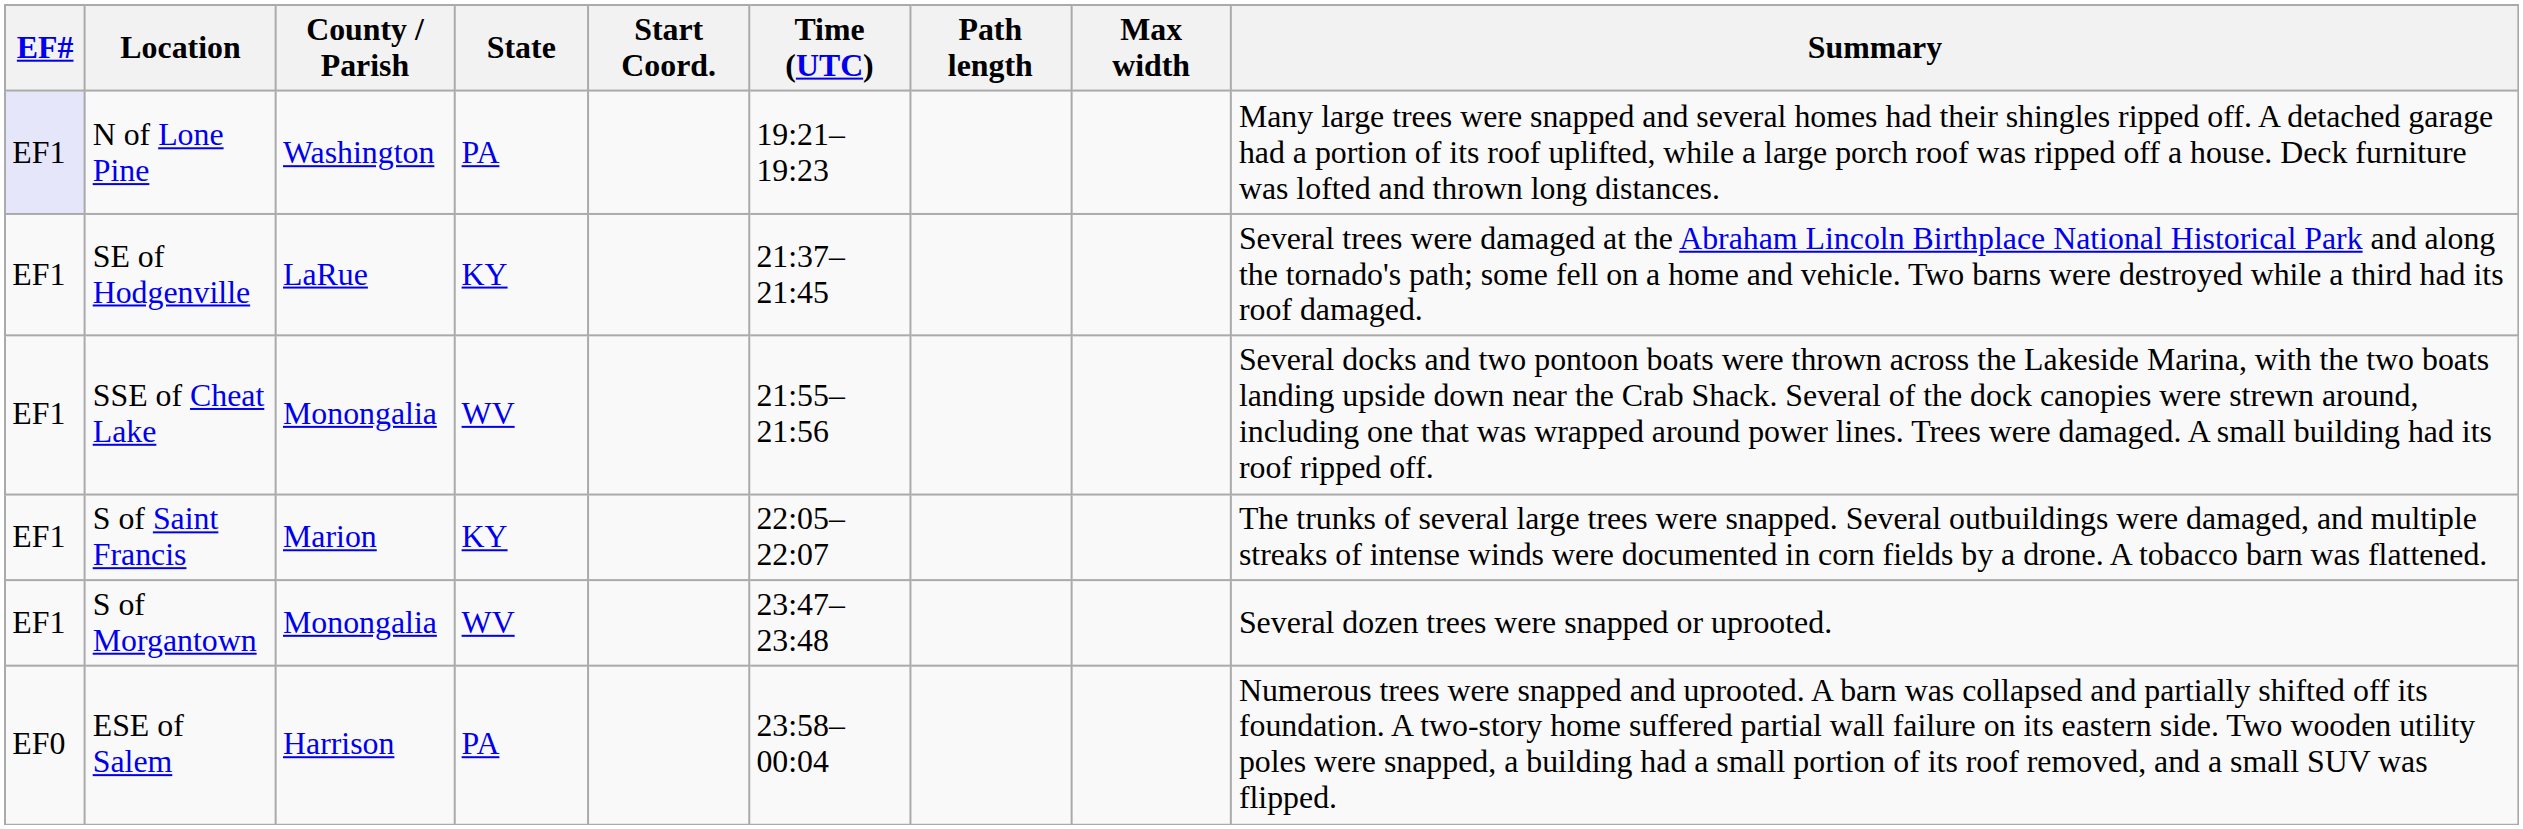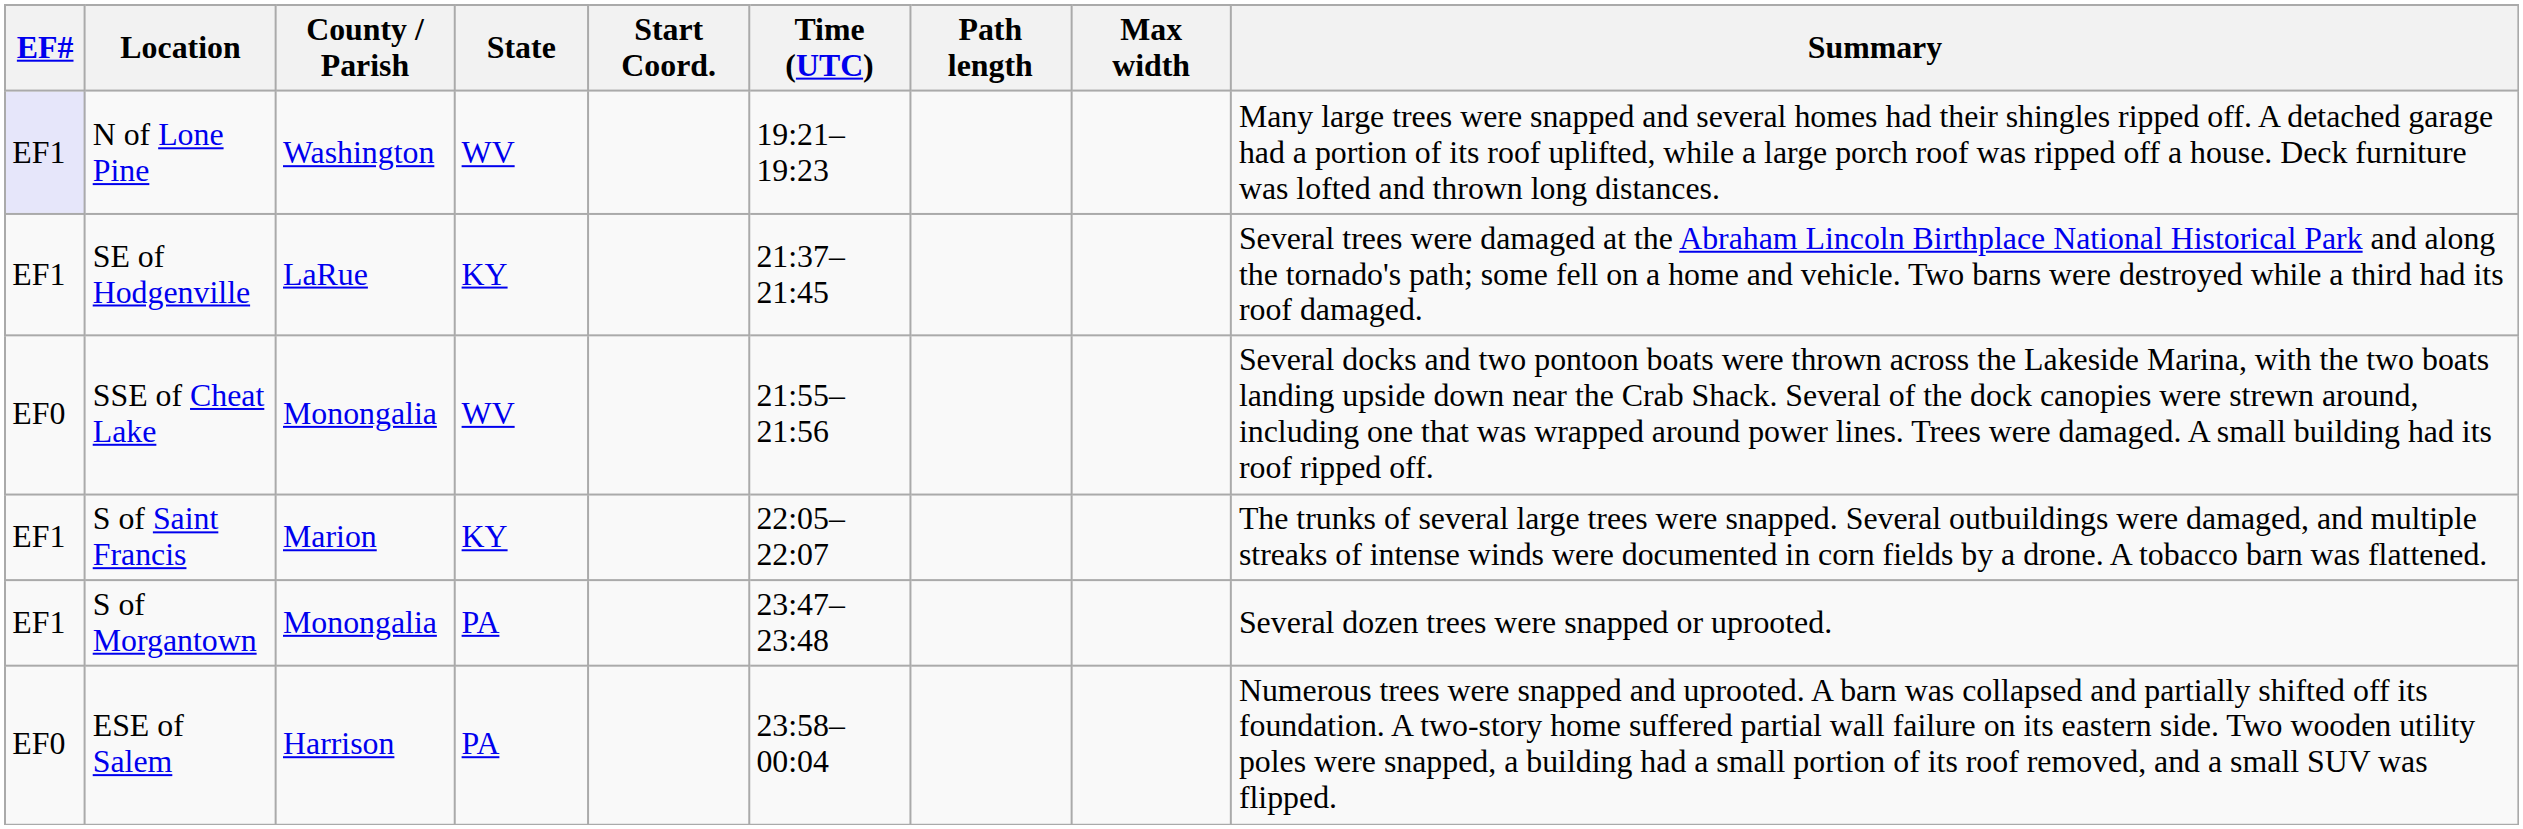 <table class="wikitable sortable" style="width:100%;">
 <tr>
 <th scope="col"  style="width:3%; text-align:center;"><a href='#'>EF#</a></th>
 <th scope="col"  style="width:7%; text-align:center;" class="unsortable">Location</th>
 <th scope="col"  style="width:6%; text-align:center;" class="unsortable">County / Parish</th>
 <th scope="col"  style="width:5%; text-align:center;">State</th>
 <th scope="col"  style="width:6%; text-align:center;">Start Coord.</th>
 <th scope="col"  style="width:6%; text-align:center;">Time (<a href='#'>UTC</a>)</th>
 <th scope="col"  style="width:6%; text-align:center;">Path length</th>
 <th scope="col"  style="width:6%; text-align:center;">Max width</th>
 <th scope="col" class="unsortable" style="width:48%; text-align:center;">Summary</th>
 </tr>
 <tr>
 <td style="background: lavender;">EF1</td>
 <td>N of <a href='#'>Lone Pine</a></td>
 <td><a href='#'>Washington</a></td>
-<td><a href='#'>PA</a></td>
+<td><a href='#'>WV</a></td>
 <td></td>
 <td>19:21–19:23</td>
 <td></td>
 <td></td>
 <td>Many large trees were snapped and several homes had their shingles ripped off. A detached garage had a portion of its roof uplifted, while a large porch roof was ripped off a house. Deck furniture was lofted and thrown long distances.</td>
 </tr>
 <tr>
 <td>EF1</td>
 <td>SE of <a href='#'>Hodgenville</a></td>
 <td><a href='#'>LaRue</a></td>
 <td><a href='#'>KY</a></td>
 <td></td>
 <td>21:37–21:45</td>
 <td></td>
 <td></td>
 <td>Several trees were damaged at the <a href='#'>Abraham Lincoln Birthplace National Historical Park</a> and along the tornado's path; some fell on a home and vehicle. Two barns were destroyed while a third had its roof damaged.</td>
 </tr>
 <tr>
-<td>EF1</td>
+<td>EF0</td>
 <td>SSE of <a href='#'>Cheat Lake</a></td>
 <td><a href='#'>Monongalia</a></td>
 <td><a href='#'>WV</a></td>
 <td></td>
 <td>21:55–21:56</td>
 <td></td>
 <td></td>
 <td>Several docks and two pontoon boats were thrown across the Lakeside Marina, with the two boats landing upside down near the Crab Shack. Several of the dock canopies were strewn around, including one that was wrapped around power lines. Trees were damaged. A small building had its roof ripped off.</td>
 </tr>
 <tr>
 <td>EF1</td>
 <td>S of <a href='#'>Saint Francis</a></td>
 <td><a href='#'>Marion</a></td>
 <td><a href='#'>KY</a></td>
 <td></td>
 <td>22:05–22:07</td>
 <td></td>
 <td></td>
 <td>The trunks of several large trees were snapped. Several outbuildings were damaged, and multiple streaks of intense winds were documented in corn fields by a drone. A tobacco barn was flattened.</td>
 </tr>
 <tr>
 <td>EF1</td>
 <td>S of <a href='#'>Morgantown</a></td>
 <td><a href='#'>Monongalia</a></td>
-<td><a href='#'>WV</a></td>
+<td><a href='#'>PA</a></td>
 <td></td>
 <td>23:47–23:48</td>
 <td></td>
 <td></td>
 <td>Several dozen trees were snapped or uprooted.</td>
 </tr>
 <tr>
 <td>EF0</td>
 <td>ESE of <a href='#'>Salem</a></td>
 <td><a href='#'>Harrison</a></td>
 <td><a href='#'>PA</a></td>
 <td></td>
 <td>23:58–00:04</td>
 <td></td>
 <td></td>
 <td>Numerous trees were snapped and uprooted. A barn was collapsed and partially shifted off its foundation. A two-story home suffered partial wall failure on its eastern side. Two wooden utility poles were snapped, a building had a small portion of its roof removed, and a small SUV was flipped.</td>
 </tr>
 <tr>
 </tr>
 </table>
